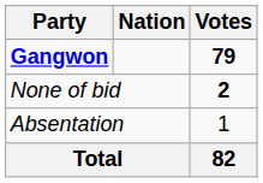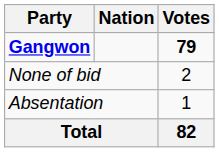 <table class="wikitable">
 <tr>
 <th>Party</th>
 <th>Nation</th>
 <th>Votes</th>
 </tr>
 <tr>
 <td><strong><a href='#'>Gangwon</a></strong></td>
 <td><strong></strong></td>
 <td align=center><strong>79</strong></td>
 </tr>
 <tr>
 <td colspan=2><em>None of bid</em></td>
-<td align=center><strong>2</strong></td>
+<td align=center>2</td>
 </tr>
 <tr>
 <td colspan=2><em>Absentation</em></td>
 <td align=center>1</td>
 </tr>
 <tr>
 <th colspan=2>Total</th>
 <th align=center>82</th>
 </tr>
 </table>
